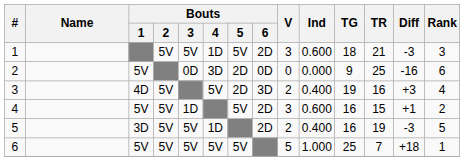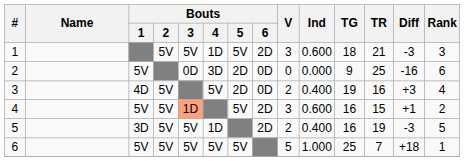 <table class="wikitable" style="text-align:center;">
 <tr>
 <th rowspan=2 width=30>#</th>
 <th rowspan=2 width=200>Name</th>
 <th colspan=6>Bouts</th>
 <th rowspan=2 width=30>V</th>
 <th rowspan=2 width=40>Ind</th>
 <th rowspan=2 width=40>TG</th>
 <th rowspan=2 width=40>TR</th>
 <th rowspan=2 width=40>Diff</th>
 <th rowspan=2 width=30>Rank</th>
 </tr>
 <tr>
 <th width=30>1</th>
 <th width=30>2</th>
 <th width=30>3</th>
 <th width=30>4</th>
 <th width=30>5</th>
 <th width=30>6</th>
 </tr>
 <tr>
 <td>1</td>
 <td align=left></td>
 <td bgcolor=grey></td>
 <td>5V</td>
 <td>5V</td>
 <td>1D</td>
 <td>5V</td>
 <td>2D</td>
 <td>3</td>
 <td>0.600</td>
 <td>18</td>
 <td>21</td>
 <td>-3</td>
 <td>3</td>
 </tr>
 <tr>
 <td>2</td>
 <td align=left></td>
 <td>5V</td>
 <td bgcolor=grey></td>
 <td>0D</td>
 <td>3D</td>
 <td>2D</td>
 <td>0D</td>
 <td>0</td>
 <td>0.000</td>
 <td>9</td>
 <td>25</td>
 <td>-16</td>
 <td>6</td>
 </tr>
 <tr>
 <td>3</td>
 <td align=left></td>
 <td>4D</td>
 <td>5V</td>
 <td bgcolor=grey></td>
 <td>5V</td>
 <td>2D</td>
-<td>3D</td>
+<td>0D</td>
 <td>2</td>
 <td>0.400</td>
 <td>19</td>
 <td>16</td>
 <td>+3</td>
 <td>4</td>
 </tr>
 <tr>
 <td>4</td>
 <td align=left></td>
 <td>5V</td>
 <td>5V</td>
-<td>1D</td>
+<td style="background: lightsalmon;">1D</td>
 <td bgcolor=grey></td>
 <td>5V</td>
 <td>2D</td>
 <td>3</td>
 <td>0.600</td>
 <td>16</td>
 <td>15</td>
 <td>+1</td>
 <td>2</td>
 </tr>
 <tr>
 <td>5</td>
 <td align=left></td>
 <td>3D</td>
 <td>5V</td>
 <td>5V</td>
 <td>1D</td>
 <td bgcolor=grey></td>
 <td>2D</td>
 <td>2</td>
 <td>0.400</td>
 <td>16</td>
 <td>19</td>
 <td>-3</td>
 <td>5</td>
 </tr>
 <tr>
 <td>6</td>
 <td align=left></td>
 <td>5V</td>
 <td>5V</td>
 <td>5V</td>
 <td>5V</td>
 <td>5V</td>
 <td bgcolor=grey></td>
 <td>5</td>
 <td>1.000</td>
 <td>25</td>
 <td>7</td>
 <td>+18</td>
 <td>1</td>
 </tr>
 <tr>
 </tr>
 </table>
